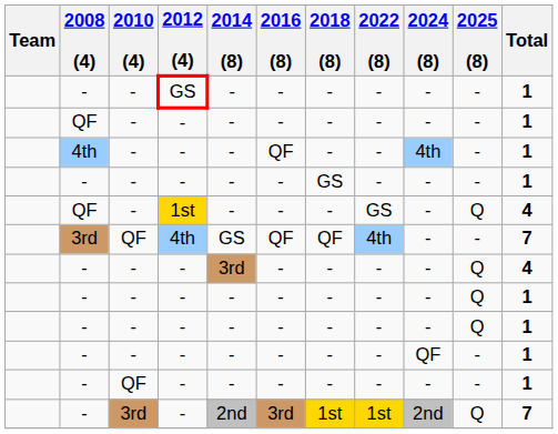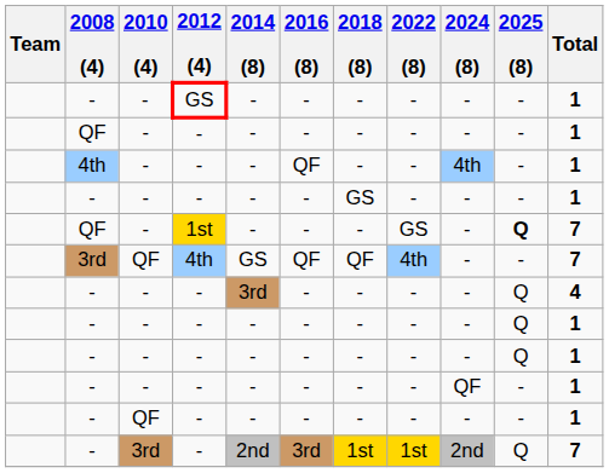 <table class="wikitable" style="text-align: center">
 <tr>
 <th>Team</th>
 <th><a href='#'>2008</a><br> <br> (4)</th>
 <th><a href='#'>2010</a><br> <br> (4)</th>
 <th><a href='#'>2012</a><br> <br> (4)</th>
 <th><a href='#'>2014</a><br> <br> (8)</th>
 <th><a href='#'>2016</a><br> <br> (8)</th>
 <th><a href='#'>2018</a><br> <br> (8)</th>
 <th><a href='#'>2022</a><br> <br> (8)</th>
 <th><a href='#'>2024</a><br> <br> (8)</th>
 <th><a href='#'>2025</a><br> <br> (8)</th>
 <th>Total</th>
 </tr>
 <tr>
 <td align=left></td>
 <td>-</td>
 <td>-</td>
 <td style="border:3px solid red">GS</td>
 <td>-</td>
 <td>-</td>
 <td>-</td>
 <td>-</td>
 <td>-</td>
 <td>-</td>
 <td><strong>1</strong></td>
 </tr>
 <tr>
 <td align=left></td>
 <td>QF</td>
 <td>-</td>
 <td>-</td>
 <td>-</td>
 <td>-</td>
 <td>-</td>
 <td>-</td>
 <td>-</td>
 <td>-</td>
 <td><strong>1</strong></td>
 </tr>
 <tr>
 <td align=left></td>
 <td bgcolor=#9acdff>4th</td>
 <td>-</td>
 <td>-</td>
 <td>-</td>
 <td>QF</td>
 <td>-</td>
 <td>-</td>
 <td bgcolor=#9acdff>4th</td>
 <td>-</td>
 <td><strong>1</strong></td>
 </tr>
 <tr>
 <td align=left></td>
 <td>-</td>
 <td>-</td>
 <td>-</td>
 <td>-</td>
 <td>-</td>
 <td>GS</td>
 <td>-</td>
 <td>-</td>
 <td>-</td>
 <td><strong>1</strong></td>
 </tr>
 <tr>
 <td align=left></td>
 <td>QF</td>
 <td>-</td>
 <td bgcolor=gold>1st</td>
 <td>-</td>
 <td>-</td>
 <td>-</td>
 <td>GS</td>
 <td>-</td>
-<td>Q</td>
-<td><strong>4</strong></td>
+<td><strong>Q</strong></td>
+<td><strong>7</strong></td>
 </tr>
 <tr>
 <td align=left></td>
 <td bgcolor=#cc9966>3rd</td>
 <td>QF</td>
 <td bgcolor=#9acdff>4th</td>
 <td>GS</td>
 <td>QF</td>
 <td>QF</td>
 <td bgcolor=#9acdff>4th</td>
 <td>-</td>
 <td>-</td>
 <td><strong>7</strong></td>
 </tr>
 <tr>
 <td align=left></td>
 <td>-</td>
 <td>-</td>
 <td>-</td>
 <td bgcolor="#cc9966">3rd</td>
 <td>-</td>
 <td>-</td>
 <td>-</td>
 <td>-</td>
 <td>Q</td>
 <td><strong>4</strong></td>
 </tr>
 <tr>
 <td align=left></td>
 <td>-</td>
 <td>-</td>
 <td>-</td>
 <td>-</td>
 <td>-</td>
 <td>-</td>
 <td>-</td>
 <td>-</td>
 <td>Q</td>
 <td><strong>1</strong></td>
 </tr>
 <tr>
 <td align=left></td>
 <td>-</td>
 <td>-</td>
 <td>-</td>
 <td>-</td>
 <td>-</td>
 <td>-</td>
 <td>-</td>
 <td>-</td>
 <td>Q</td>
 <td><strong>1</strong></td>
 </tr>
 <tr>
 <td align=left></td>
 <td>-</td>
 <td>-</td>
 <td>-</td>
 <td>-</td>
 <td>-</td>
 <td>-</td>
 <td>-</td>
 <td>QF</td>
 <td>-</td>
 <td><strong>1</strong></td>
 </tr>
 <tr>
 <td align=left></td>
 <td>-</td>
 <td>QF</td>
 <td>-</td>
 <td>-</td>
 <td>-</td>
 <td>-</td>
 <td>-</td>
 <td>-</td>
 <td>-</td>
 <td><strong>1</strong></td>
 </tr>
 <tr>
 <td align=left></td>
 <td>-</td>
 <td bgcolor="#cc9966">3rd</td>
 <td>-</td>
 <td bgcolor="silver">2nd</td>
 <td bgcolor=#cc9966>3rd</td>
 <td bgcolor=gold>1st</td>
 <td bgcolor=gold>1st</td>
 <td bgcolor="silver">2nd</td>
 <td>Q</td>
 <td><strong>7</strong></td>
 </tr>
 <tr>
 </tr>
 </table>
